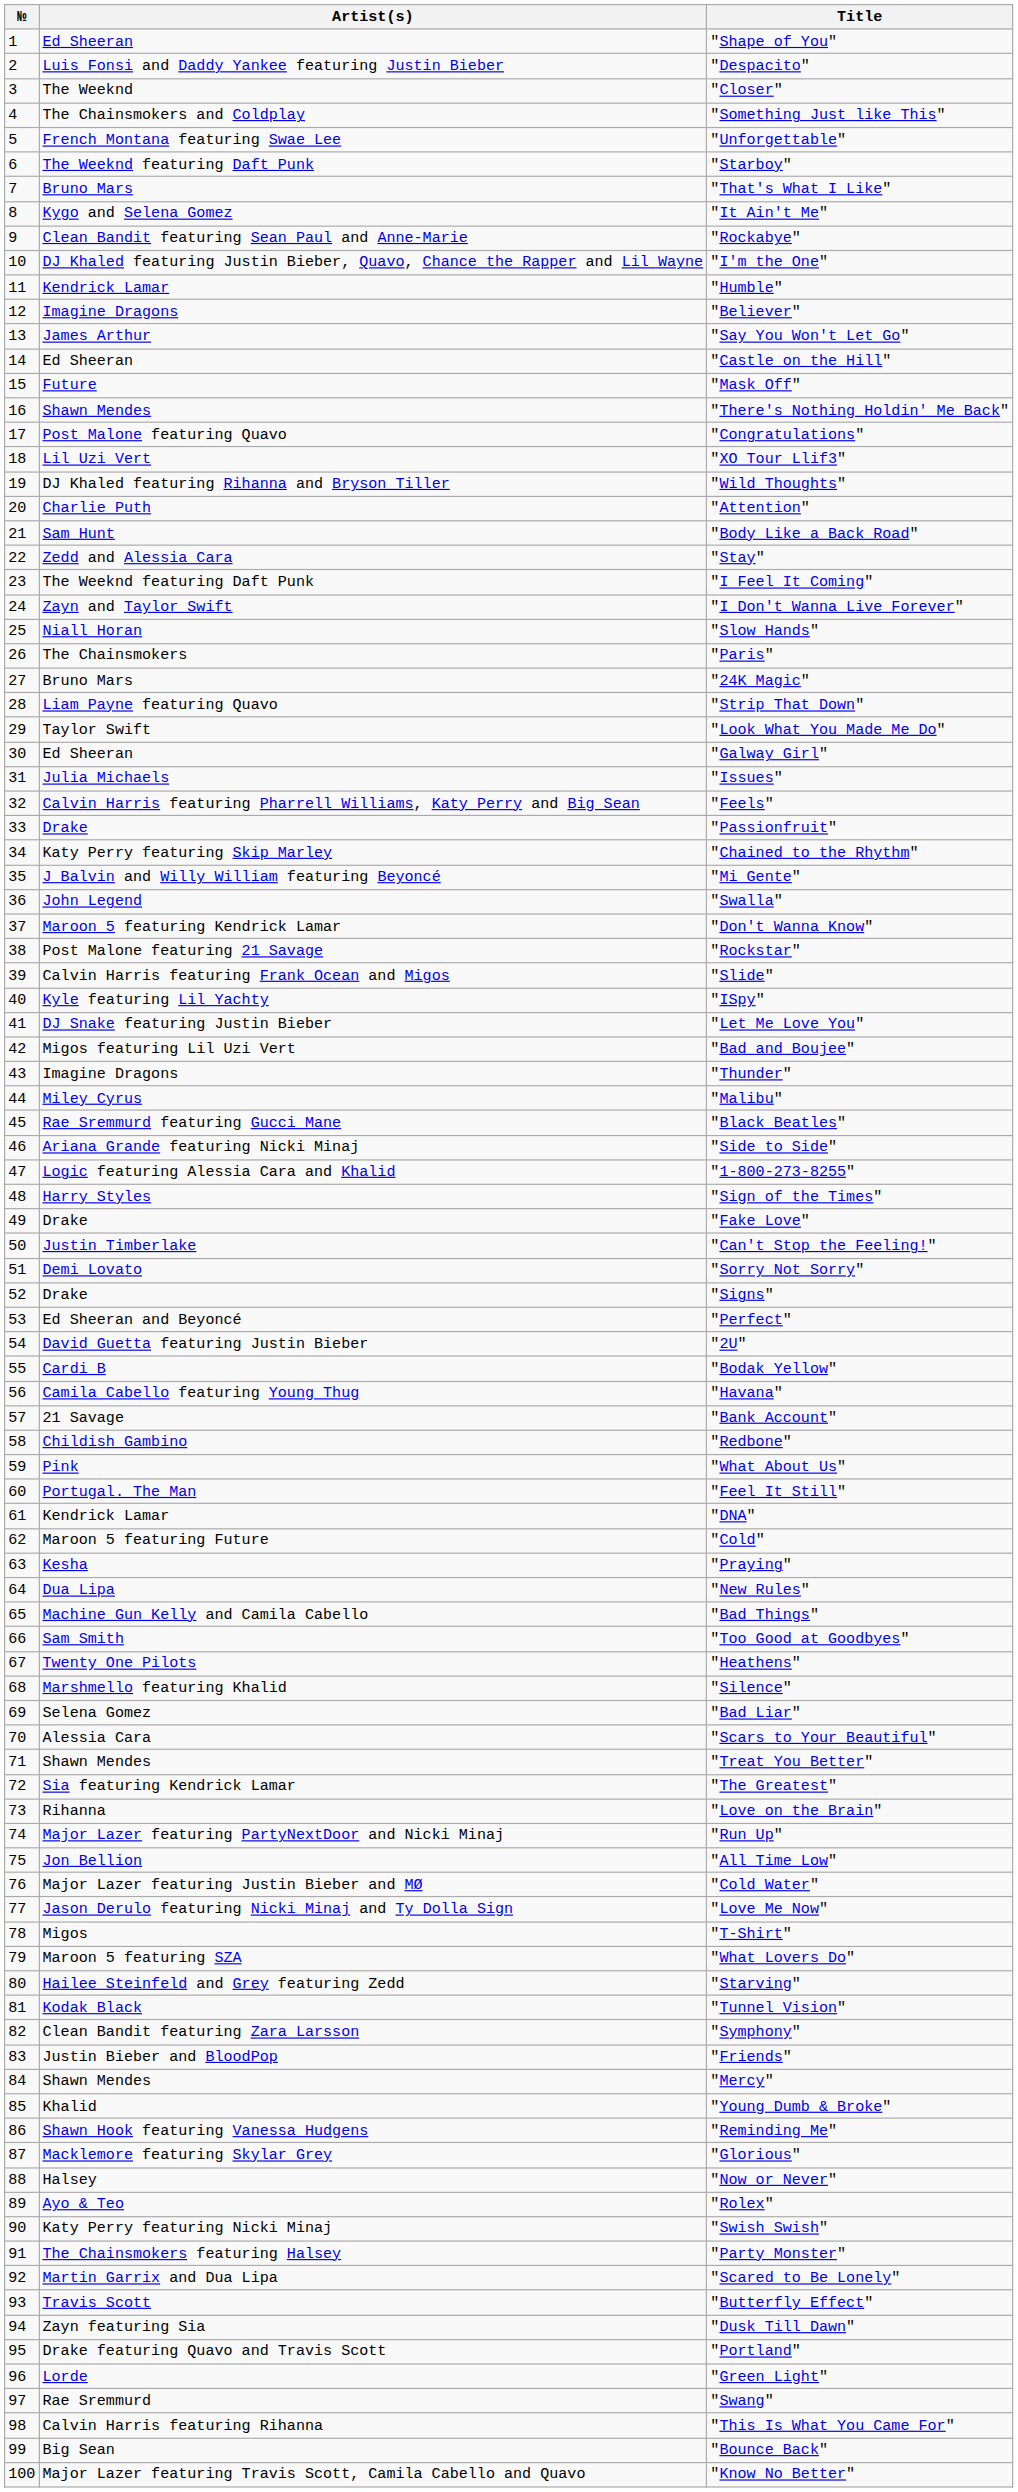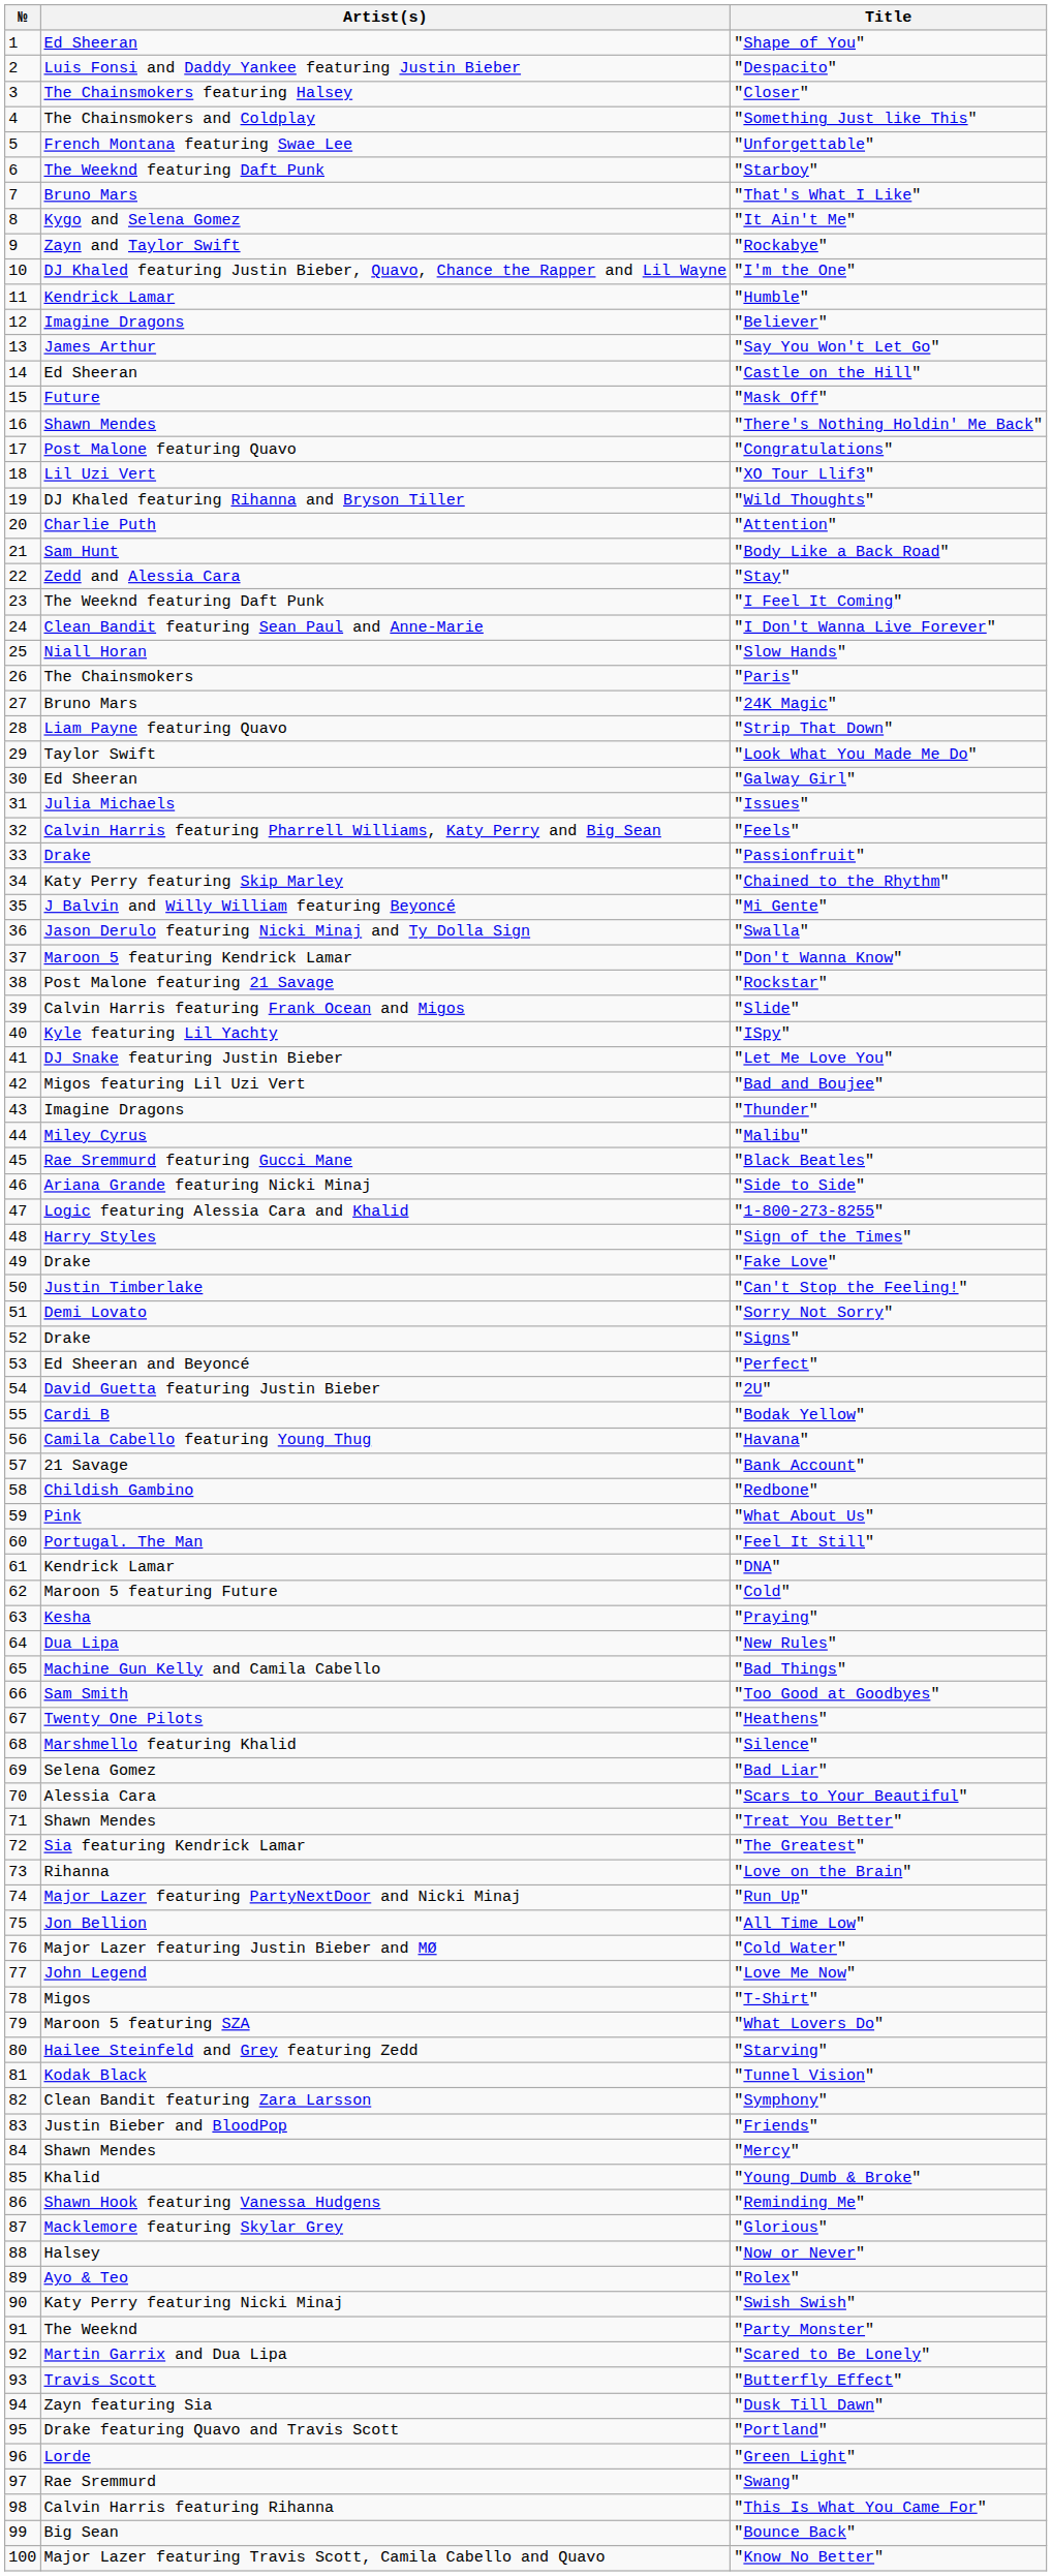 <table class="wikitable">
 <tr>
 <th>№</th>
 <th>Artist(s)</th>
 <th>Title</th>
 </tr>
 <tr>
 <td>1</td>
 <td><a href='#'>Ed Sheeran</a></td>
 <td>"<a href='#'>Shape of You</a>"</td>
 </tr>
 <tr>
 <td>2</td>
 <td><a href='#'>Luis Fonsi</a> and <a href='#'>Daddy Yankee</a> featuring <a href='#'>Justin Bieber</a></td>
 <td>"<a href='#'>Despacito</a>"</td>
 </tr>
 <tr>
 <td>3</td>
-<td>The Weeknd</td>
+<td><a href='#'>The Chainsmokers</a> featuring <a href='#'>Halsey</a></td>
 <td>"<a href='#'>Closer</a>"</td>
 </tr>
 <tr>
 <td>4</td>
 <td>The Chainsmokers and <a href='#'>Coldplay</a></td>
 <td>"<a href='#'>Something Just like This</a>"</td>
 </tr>
 <tr>
 <td>5</td>
 <td><a href='#'>French Montana</a> featuring <a href='#'>Swae Lee</a></td>
 <td>"<a href='#'>Unforgettable</a>"</td>
 </tr>
 <tr>
 <td>6</td>
 <td><a href='#'>The Weeknd</a> featuring <a href='#'>Daft Punk</a></td>
 <td>"<a href='#'>Starboy</a>"</td>
 </tr>
 <tr>
 <td>7</td>
 <td><a href='#'>Bruno Mars</a></td>
 <td>"<a href='#'>That's What I Like</a>"</td>
 </tr>
 <tr>
 <td>8</td>
 <td><a href='#'>Kygo</a> and <a href='#'>Selena Gomez</a></td>
 <td>"<a href='#'>It Ain't Me</a>"</td>
 </tr>
 <tr>
 <td>9</td>
-<td><a href='#'>Clean Bandit</a> featuring <a href='#'>Sean Paul</a> and <a href='#'>Anne-Marie</a></td>
+<td><a href='#'>Zayn</a> and <a href='#'>Taylor Swift</a></td>
 <td>"<a href='#'>Rockabye</a>"</td>
 </tr>
 <tr>
 <td>10</td>
 <td><a href='#'>DJ Khaled</a> featuring Justin Bieber, <a href='#'>Quavo</a>, <a href='#'>Chance the Rapper</a> and <a href='#'>Lil Wayne</a></td>
 <td>"<a href='#'>I'm the One</a>"</td>
 </tr>
 <tr>
 <td>11</td>
 <td><a href='#'>Kendrick Lamar</a></td>
 <td>"<a href='#'>Humble</a>"</td>
 </tr>
 <tr>
 <td>12</td>
 <td><a href='#'>Imagine Dragons</a></td>
 <td>"<a href='#'>Believer</a>"</td>
 </tr>
 <tr>
 <td>13</td>
 <td><a href='#'>James Arthur</a></td>
 <td>"<a href='#'>Say You Won't Let Go</a>"</td>
 </tr>
 <tr>
 <td>14</td>
 <td>Ed Sheeran</td>
 <td>"<a href='#'>Castle on the Hill</a>"</td>
 </tr>
 <tr>
 <td>15</td>
 <td><a href='#'>Future</a></td>
 <td>"<a href='#'>Mask Off</a>"</td>
 </tr>
 <tr>
 <td>16</td>
 <td><a href='#'>Shawn Mendes</a></td>
 <td>"<a href='#'>There's Nothing Holdin' Me Back</a>"</td>
 </tr>
 <tr>
 <td>17</td>
 <td><a href='#'>Post Malone</a> featuring Quavo</td>
 <td>"<a href='#'>Congratulations</a>"</td>
 </tr>
 <tr>
 <td>18</td>
 <td><a href='#'>Lil Uzi Vert</a></td>
 <td>"<a href='#'>XO Tour Llif3</a>"</td>
 </tr>
 <tr>
 <td>19</td>
 <td>DJ Khaled featuring <a href='#'>Rihanna</a> and <a href='#'>Bryson Tiller</a></td>
 <td>"<a href='#'>Wild Thoughts</a>"</td>
 </tr>
 <tr>
 <td>20</td>
 <td><a href='#'>Charlie Puth</a></td>
 <td>"<a href='#'>Attention</a>"</td>
 </tr>
 <tr>
 <td>21</td>
 <td><a href='#'>Sam Hunt</a></td>
 <td>"<a href='#'>Body Like a Back Road</a>"</td>
 </tr>
 <tr>
 <td>22</td>
 <td><a href='#'>Zedd</a> and <a href='#'>Alessia Cara</a></td>
 <td>"<a href='#'>Stay</a>"</td>
 </tr>
 <tr>
 <td>23</td>
 <td>The Weeknd featuring Daft Punk</td>
 <td>"<a href='#'>I Feel It Coming</a>"</td>
 </tr>
 <tr>
 <td>24</td>
-<td><a href='#'>Zayn</a> and <a href='#'>Taylor Swift</a></td>
+<td><a href='#'>Clean Bandit</a> featuring <a href='#'>Sean Paul</a> and <a href='#'>Anne-Marie</a></td>
 <td>"<a href='#'>I Don't Wanna Live Forever</a>"</td>
 </tr>
 <tr>
 <td>25</td>
 <td><a href='#'>Niall Horan</a></td>
 <td>"<a href='#'>Slow Hands</a>"</td>
 </tr>
 <tr>
 <td>26</td>
 <td>The Chainsmokers</td>
 <td>"<a href='#'>Paris</a>"</td>
 </tr>
 <tr>
 <td>27</td>
 <td>Bruno Mars</td>
 <td>"<a href='#'>24K Magic</a>"</td>
 </tr>
 <tr>
 <td>28</td>
 <td><a href='#'>Liam Payne</a> featuring Quavo</td>
 <td>"<a href='#'>Strip That Down</a>"</td>
 </tr>
 <tr>
 <td>29</td>
 <td>Taylor Swift</td>
 <td>"<a href='#'>Look What You Made Me Do</a>"</td>
 </tr>
 <tr>
 <td>30</td>
 <td>Ed Sheeran</td>
 <td>"<a href='#'>Galway Girl</a>"</td>
 </tr>
 <tr>
 <td>31</td>
 <td><a href='#'>Julia Michaels</a></td>
 <td>"<a href='#'>Issues</a>"</td>
 </tr>
 <tr>
 <td>32</td>
 <td><a href='#'>Calvin Harris</a> featuring <a href='#'>Pharrell Williams</a>, <a href='#'>Katy Perry</a> and <a href='#'>Big Sean</a></td>
 <td>"<a href='#'>Feels</a>"</td>
 </tr>
 <tr>
 <td>33</td>
 <td><a href='#'>Drake</a></td>
 <td>"<a href='#'>Passionfruit</a>"</td>
 </tr>
 <tr>
 <td>34</td>
 <td>Katy Perry featuring <a href='#'>Skip Marley</a></td>
 <td>"<a href='#'>Chained to the Rhythm</a>"</td>
 </tr>
 <tr>
 <td>35</td>
 <td><a href='#'>J Balvin</a> and <a href='#'>Willy William</a> featuring <a href='#'>Beyoncé</a></td>
 <td>"<a href='#'>Mi Gente</a>"</td>
 </tr>
 <tr>
 <td>36</td>
-<td><a href='#'>John Legend</a></td>
+<td><a href='#'>Jason Derulo</a> featuring <a href='#'>Nicki Minaj</a> and <a href='#'>Ty Dolla Sign</a></td>
 <td>"<a href='#'>Swalla</a>"</td>
 </tr>
 <tr>
 <td>37</td>
 <td><a href='#'>Maroon 5</a> featuring Kendrick Lamar</td>
 <td>"<a href='#'>Don't Wanna Know</a>"</td>
 </tr>
 <tr>
 <td>38</td>
 <td>Post Malone featuring <a href='#'>21 Savage</a></td>
 <td>"<a href='#'>Rockstar</a>"</td>
 </tr>
 <tr>
 <td>39</td>
 <td>Calvin Harris featuring <a href='#'>Frank Ocean</a> and <a href='#'>Migos</a></td>
 <td>"<a href='#'>Slide</a>"</td>
 </tr>
 <tr>
 <td>40</td>
 <td><a href='#'>Kyle</a> featuring <a href='#'>Lil Yachty</a></td>
 <td>"<a href='#'>ISpy</a>"</td>
 </tr>
 <tr>
 <td>41</td>
 <td><a href='#'>DJ Snake</a> featuring Justin Bieber</td>
 <td>"<a href='#'>Let Me Love You</a>"</td>
 </tr>
 <tr>
 <td>42</td>
 <td>Migos featuring Lil Uzi Vert</td>
 <td>"<a href='#'>Bad and Boujee</a>"</td>
 </tr>
 <tr>
 <td>43</td>
 <td>Imagine Dragons</td>
 <td>"<a href='#'>Thunder</a>"</td>
 </tr>
 <tr>
 <td>44</td>
 <td><a href='#'>Miley Cyrus</a></td>
 <td>"<a href='#'>Malibu</a>"</td>
 </tr>
 <tr>
 <td>45</td>
 <td><a href='#'>Rae Sremmurd</a> featuring <a href='#'>Gucci Mane</a></td>
 <td>"<a href='#'>Black Beatles</a>"</td>
 </tr>
 <tr>
 <td>46</td>
 <td><a href='#'>Ariana Grande</a> featuring Nicki Minaj</td>
 <td>"<a href='#'>Side to Side</a>"</td>
 </tr>
 <tr>
 <td>47</td>
 <td><a href='#'>Logic</a> featuring Alessia Cara and <a href='#'>Khalid</a></td>
 <td>"<a href='#'>1-800-273-8255</a>"</td>
 </tr>
 <tr>
 <td>48</td>
 <td><a href='#'>Harry Styles</a></td>
 <td>"<a href='#'>Sign of the Times</a>"</td>
 </tr>
 <tr>
 <td>49</td>
 <td>Drake</td>
 <td>"<a href='#'>Fake Love</a>"</td>
 </tr>
 <tr>
 <td>50</td>
 <td><a href='#'>Justin Timberlake</a></td>
 <td>"<a href='#'>Can't Stop the Feeling!</a>"</td>
 </tr>
 <tr>
 <td>51</td>
 <td><a href='#'>Demi Lovato</a></td>
 <td>"<a href='#'>Sorry Not Sorry</a>"</td>
 </tr>
 <tr>
 <td>52</td>
 <td>Drake</td>
 <td>"<a href='#'>Signs</a>"</td>
 </tr>
 <tr>
 <td>53</td>
 <td>Ed Sheeran and Beyoncé</td>
 <td>"<a href='#'>Perfect</a>"</td>
 </tr>
 <tr>
 <td>54</td>
 <td><a href='#'>David Guetta</a> featuring Justin Bieber</td>
 <td>"<a href='#'>2U</a>"</td>
 </tr>
 <tr>
 <td>55</td>
 <td><a href='#'>Cardi B</a></td>
 <td>"<a href='#'>Bodak Yellow</a>"</td>
 </tr>
 <tr>
 <td>56</td>
 <td><a href='#'>Camila Cabello</a> featuring <a href='#'>Young Thug</a></td>
 <td>"<a href='#'>Havana</a>"</td>
 </tr>
 <tr>
 <td>57</td>
 <td>21 Savage</td>
 <td>"<a href='#'>Bank Account</a>"</td>
 </tr>
 <tr>
 <td>58</td>
 <td><a href='#'>Childish Gambino</a></td>
 <td>"<a href='#'>Redbone</a>"</td>
 </tr>
 <tr>
 <td>59</td>
 <td><a href='#'>Pink</a></td>
 <td>"<a href='#'>What About Us</a>"</td>
 </tr>
 <tr>
 <td>60</td>
 <td><a href='#'>Portugal. The Man</a></td>
 <td>"<a href='#'>Feel It Still</a>"</td>
 </tr>
 <tr>
 <td>61</td>
 <td>Kendrick Lamar</td>
 <td>"<a href='#'>DNA</a>"</td>
 </tr>
 <tr>
 <td>62</td>
 <td>Maroon 5 featuring Future</td>
 <td>"<a href='#'>Cold</a>"</td>
 </tr>
 <tr>
 <td>63</td>
 <td><a href='#'>Kesha</a></td>
 <td>"<a href='#'>Praying</a>"</td>
 </tr>
 <tr>
 <td>64</td>
 <td><a href='#'>Dua Lipa</a></td>
 <td>"<a href='#'>New Rules</a>"</td>
 </tr>
 <tr>
 <td>65</td>
 <td><a href='#'>Machine Gun Kelly</a> and Camila Cabello</td>
 <td>"<a href='#'>Bad Things</a>"</td>
 </tr>
 <tr>
 <td>66</td>
 <td><a href='#'>Sam Smith</a></td>
 <td>"<a href='#'>Too Good at Goodbyes</a>"</td>
 </tr>
 <tr>
 <td>67</td>
 <td><a href='#'>Twenty One Pilots</a></td>
 <td>"<a href='#'>Heathens</a>"</td>
 </tr>
 <tr>
 <td>68</td>
 <td><a href='#'>Marshmello</a> featuring Khalid</td>
 <td>"<a href='#'>Silence</a>"</td>
 </tr>
 <tr>
 <td>69</td>
 <td>Selena Gomez</td>
 <td>"<a href='#'>Bad Liar</a>"</td>
 </tr>
 <tr>
 <td>70</td>
 <td>Alessia Cara</td>
 <td>"<a href='#'>Scars to Your Beautiful</a>"</td>
 </tr>
 <tr>
 <td>71</td>
 <td>Shawn Mendes</td>
 <td>"<a href='#'>Treat You Better</a>"</td>
 </tr>
 <tr>
 <td>72</td>
 <td><a href='#'>Sia</a> featuring Kendrick Lamar</td>
 <td>"<a href='#'>The Greatest</a>"</td>
 </tr>
 <tr>
 <td>73</td>
 <td>Rihanna</td>
 <td>"<a href='#'>Love on the Brain</a>"</td>
 </tr>
 <tr>
 <td>74</td>
 <td><a href='#'>Major Lazer</a> featuring <a href='#'>PartyNextDoor</a> and Nicki Minaj</td>
 <td>"<a href='#'>Run Up</a>"</td>
 </tr>
 <tr>
 <td>75</td>
 <td><a href='#'>Jon Bellion</a></td>
 <td>"<a href='#'>All Time Low</a>"</td>
 </tr>
 <tr>
 <td>76</td>
 <td>Major Lazer featuring Justin Bieber and <a href='#'>MØ</a></td>
 <td>"<a href='#'>Cold Water</a>"</td>
 </tr>
 <tr>
 <td>77</td>
-<td><a href='#'>Jason Derulo</a> featuring <a href='#'>Nicki Minaj</a> and <a href='#'>Ty Dolla Sign</a></td>
+<td><a href='#'>John Legend</a></td>
 <td>"<a href='#'>Love Me Now</a>"</td>
 </tr>
 <tr>
 <td>78</td>
 <td>Migos</td>
 <td>"<a href='#'>T-Shirt</a>"</td>
 </tr>
 <tr>
 <td>79</td>
 <td>Maroon 5 featuring <a href='#'>SZA</a></td>
 <td>"<a href='#'>What Lovers Do</a>"</td>
 </tr>
 <tr>
 <td>80</td>
 <td><a href='#'>Hailee Steinfeld</a> and <a href='#'>Grey</a> featuring Zedd</td>
 <td>"<a href='#'>Starving</a>"</td>
 </tr>
 <tr>
 <td>81</td>
 <td><a href='#'>Kodak Black</a></td>
 <td>"<a href='#'>Tunnel Vision</a>"</td>
 </tr>
 <tr>
 <td>82</td>
 <td>Clean Bandit featuring <a href='#'>Zara Larsson</a></td>
 <td>"<a href='#'>Symphony</a>"</td>
 </tr>
 <tr>
 <td>83</td>
 <td>Justin Bieber and <a href='#'>BloodPop</a></td>
 <td>"<a href='#'>Friends</a>"</td>
 </tr>
 <tr>
 <td>84</td>
 <td>Shawn Mendes</td>
 <td>"<a href='#'>Mercy</a>"</td>
 </tr>
 <tr>
 <td>85</td>
 <td>Khalid</td>
 <td>"<a href='#'>Young Dumb & Broke</a>"</td>
 </tr>
 <tr>
 <td>86</td>
 <td><a href='#'>Shawn Hook</a> featuring <a href='#'>Vanessa Hudgens</a></td>
 <td>"<a href='#'>Reminding Me</a>"</td>
 </tr>
 <tr>
 <td>87</td>
 <td><a href='#'>Macklemore</a> featuring <a href='#'>Skylar Grey</a></td>
 <td>"<a href='#'>Glorious</a>"</td>
 </tr>
 <tr>
 <td>88</td>
 <td>Halsey</td>
 <td>"<a href='#'>Now or Never</a>"</td>
 </tr>
 <tr>
 <td>89</td>
 <td><a href='#'>Ayo & Teo</a></td>
 <td>"<a href='#'>Rolex</a>"</td>
 </tr>
 <tr>
 <td>90</td>
 <td>Katy Perry featuring Nicki Minaj</td>
 <td>"<a href='#'>Swish Swish</a>"</td>
 </tr>
 <tr>
 <td>91</td>
-<td><a href='#'>The Chainsmokers</a> featuring <a href='#'>Halsey</a></td>
+<td>The Weeknd</td>
 <td>"<a href='#'>Party Monster</a>"</td>
 </tr>
 <tr>
 <td>92</td>
 <td><a href='#'>Martin Garrix</a> and Dua Lipa</td>
 <td>"<a href='#'>Scared to Be Lonely</a>"</td>
 </tr>
 <tr>
 <td>93</td>
 <td><a href='#'>Travis Scott</a></td>
 <td>"<a href='#'>Butterfly Effect</a>"</td>
 </tr>
 <tr>
 <td>94</td>
 <td>Zayn featuring Sia</td>
 <td>"<a href='#'>Dusk Till Dawn</a>"</td>
 </tr>
 <tr>
 <td>95</td>
 <td>Drake featuring Quavo and Travis Scott</td>
 <td>"<a href='#'>Portland</a>"</td>
 </tr>
 <tr>
 <td>96</td>
 <td><a href='#'>Lorde</a></td>
 <td>"<a href='#'>Green Light</a>"</td>
 </tr>
 <tr>
 <td>97</td>
 <td>Rae Sremmurd</td>
 <td>"<a href='#'>Swang</a>"</td>
 </tr>
 <tr>
 <td>98</td>
 <td>Calvin Harris featuring Rihanna</td>
 <td>"<a href='#'>This Is What You Came For</a>"</td>
 </tr>
 <tr>
 <td>99</td>
 <td>Big Sean</td>
 <td>"<a href='#'>Bounce Back</a>"</td>
 </tr>
 <tr>
 <td>100</td>
 <td>Major Lazer featuring Travis Scott, Camila Cabello and Quavo</td>
 <td>"<a href='#'>Know No Better</a>"</td>
 </tr>
 </table>
